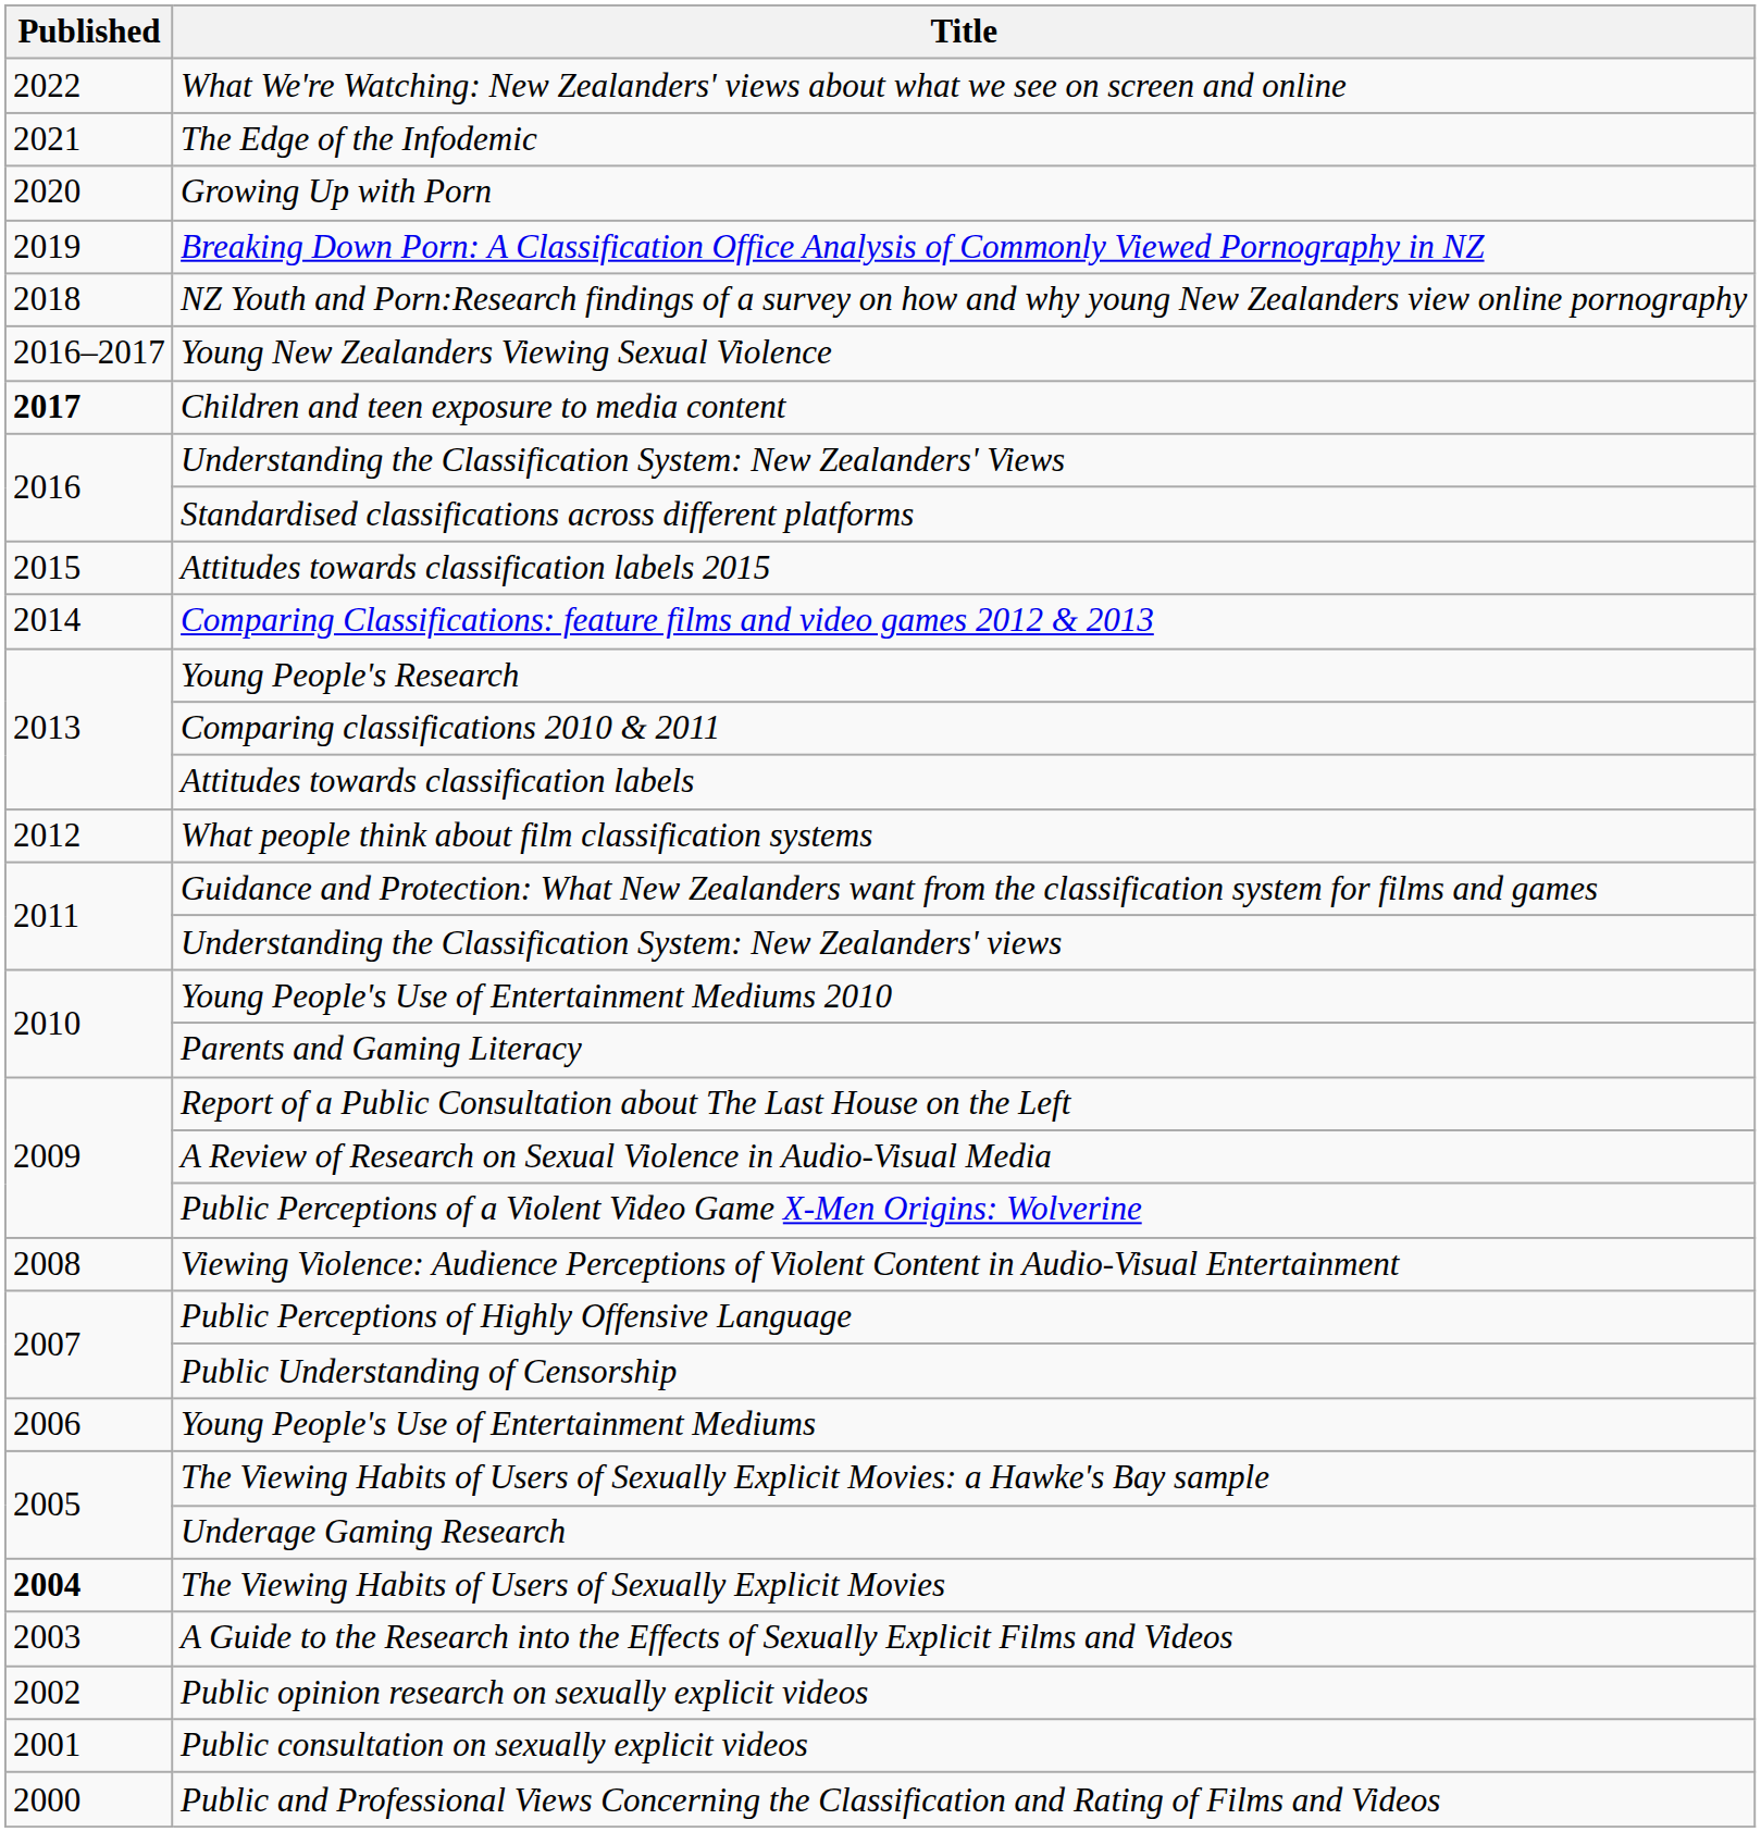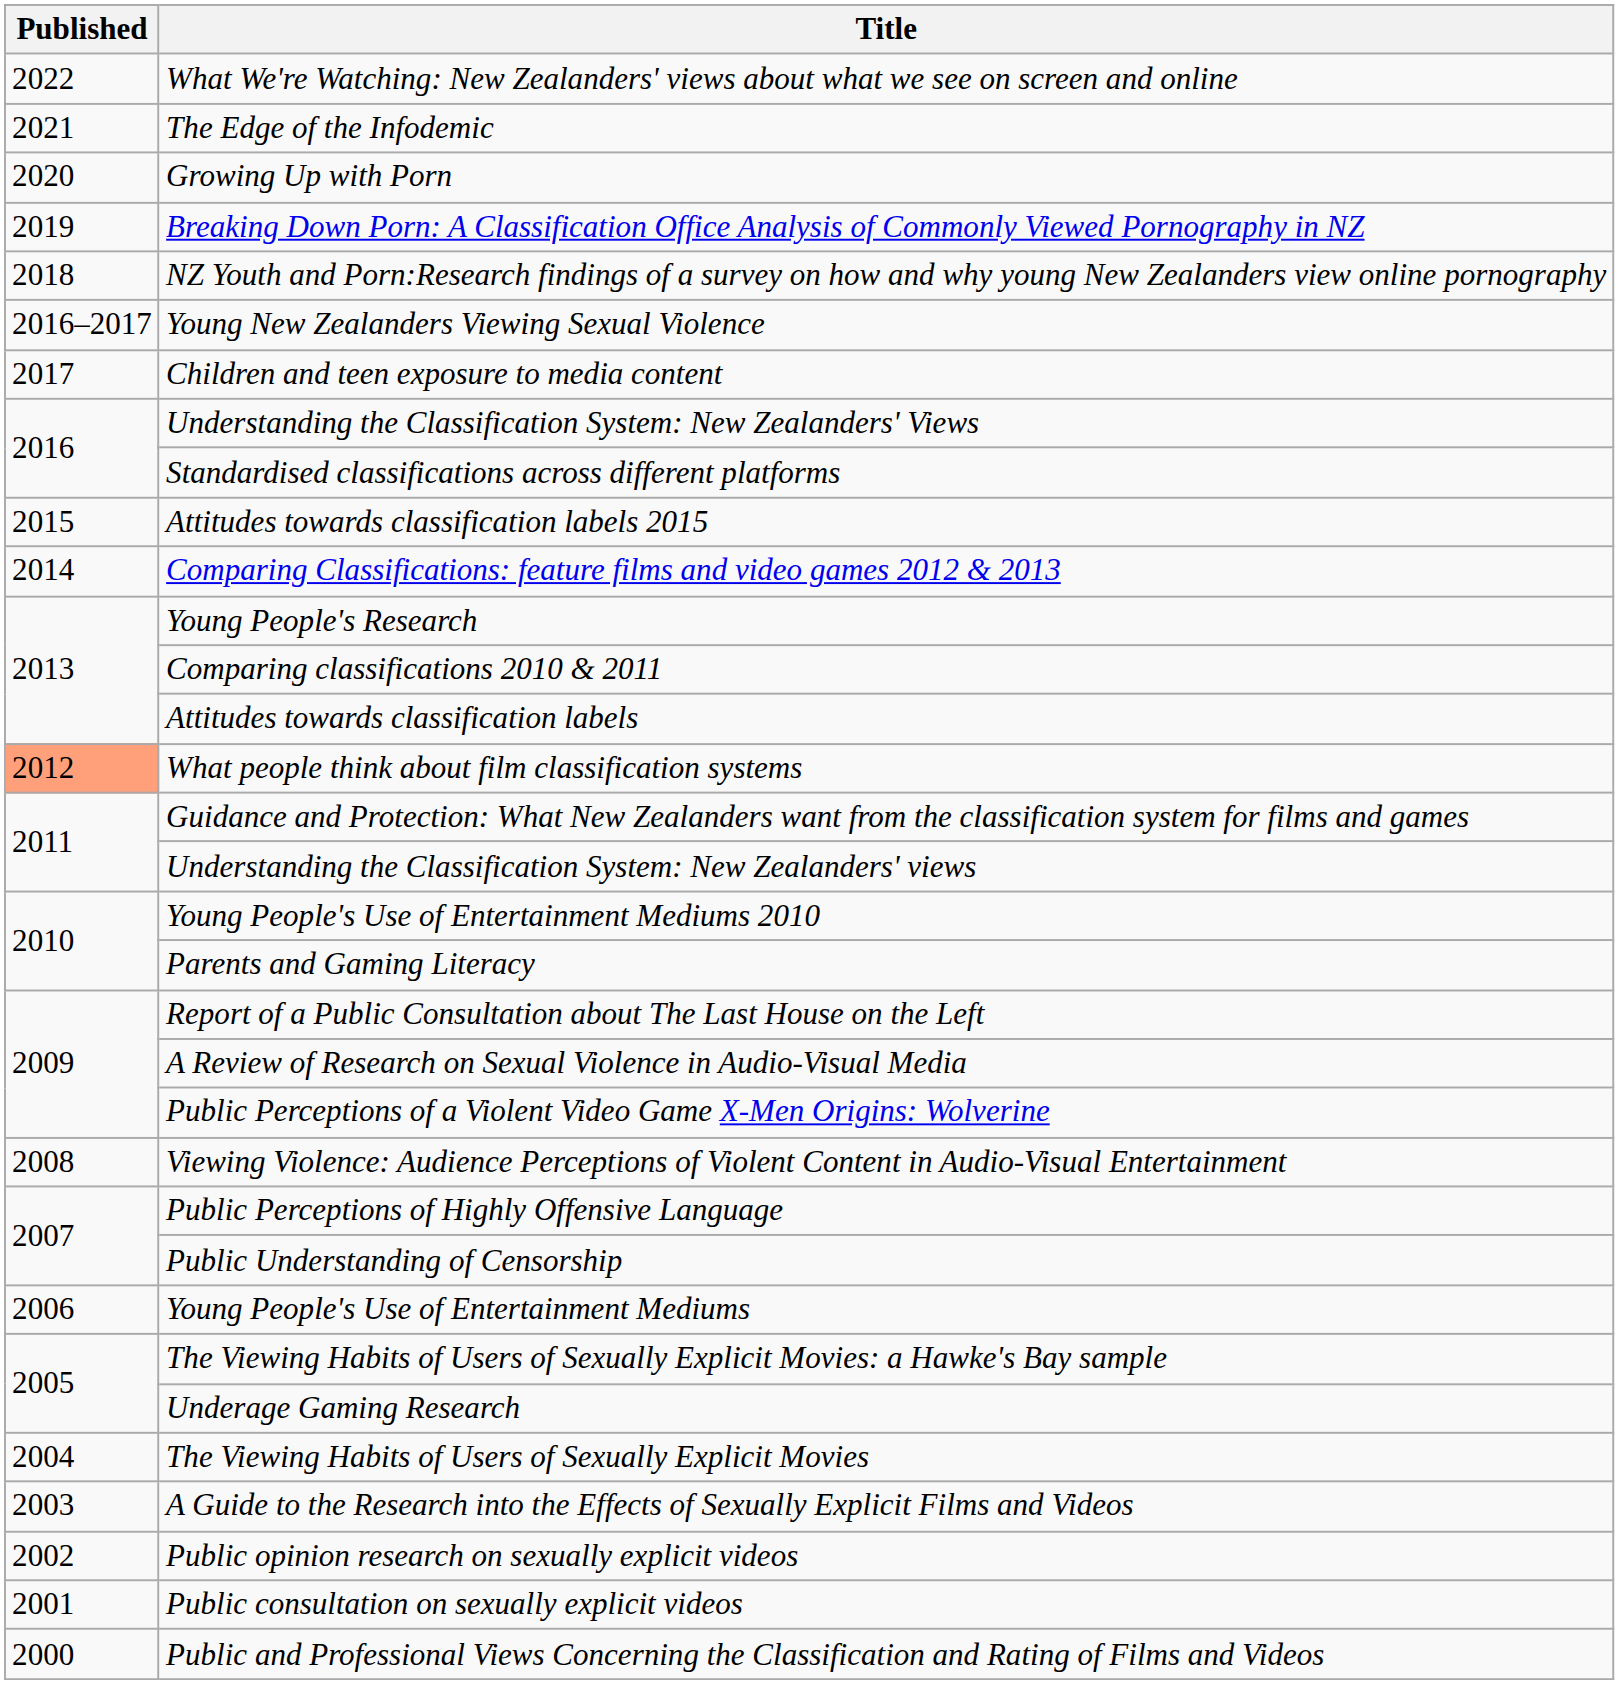 <table class="wikitable">
 <tr>
 <th>Published</th>
 <th>Title</th>
 </tr>
 <tr>
 <td>2022</td>
 <td><em>What We're Watching: New Zealanders' views about what we see on screen and online</em></td>
 </tr>
 <tr>
 <td>2021</td>
 <td><em>The Edge of the Infodemic</em></td>
 </tr>
 <tr>
 <td>2020</td>
 <td><em>Growing Up with Porn</em></td>
 </tr>
 <tr>
 <td>2019</td>
 <td><em><a href='#'>Breaking Down Porn: A Classification Office Analysis of Commonly Viewed Pornography in NZ</a></em></td>
 </tr>
 <tr>
 <td>2018</td>
 <td><em>NZ Youth and Porn:Research findings of a survey on how and why young New Zealanders view online pornography</em></td>
 </tr>
 <tr>
 <td>2016–2017</td>
 <td><em>Young New Zealanders Viewing Sexual Violence</em></td>
 </tr>
 <tr>
-<td><strong>2017</strong></td>
+<td>2017</td>
 <td><em>Children and teen exposure to media content</em></td>
 </tr>
 <tr>
 <td rowspan="2">2016</td>
 <td><em>Understanding the Classification System: New Zealanders' Views</em></td>
 </tr>
 <tr>
 <td><em>Standardised classifications across different platforms</em></td>
 </tr>
 <tr>
 <td>2015</td>
 <td><em>Attitudes towards classification labels 2015</em></td>
 </tr>
 <tr>
 <td>2014</td>
 <td><em><a href='#'>Comparing Classifications: feature films and video games 2012 & 2013</a></em></td>
 </tr>
 <tr>
 <td rowspan="3">2013</td>
 <td><em>Young People's Research</em></td>
 </tr>
 <tr>
 <td><em>Comparing classifications 2010 & 2011</em></td>
 </tr>
 <tr>
 <td><em>Attitudes towards classification labels</em></td>
 </tr>
 <tr>
-<td>2012</td>
+<td style="background: lightsalmon;">2012</td>
 <td><em>What people think about film classification systems</em></td>
 </tr>
 <tr>
 <td rowspan="2">2011</td>
 <td><em>Guidance and Protection: What New Zealanders want from the classification system for films and games</em></td>
 </tr>
 <tr>
 <td><em>Understanding the Classification System: New Zealanders' views</em></td>
 </tr>
 <tr>
 <td rowspan="2">2010</td>
 <td><em>Young People's Use of Entertainment Mediums 2010</em></td>
 </tr>
 <tr>
 <td><em>Parents and Gaming Literacy</em></td>
 </tr>
 <tr>
 <td rowspan="3">2009</td>
 <td><em>Report of a Public Consultation about The Last House on the Left</em></td>
 </tr>
 <tr>
 <td><em>A Review of Research on Sexual Violence in Audio-Visual Media</em></td>
 </tr>
 <tr>
 <td><em>Public Perceptions of a Violent Video Game <a href='#'>X-Men Origins: Wolverine</a></em></td>
 </tr>
 <tr>
 <td>2008</td>
 <td><em>Viewing Violence: Audience Perceptions of Violent Content in Audio-Visual Entertainment</em></td>
 </tr>
 <tr>
 <td rowspan="2">2007</td>
 <td><em>Public Perceptions of Highly Offensive Language</em></td>
 </tr>
 <tr>
 <td><em>Public Understanding of Censorship</em></td>
 </tr>
 <tr>
 <td>2006</td>
 <td><em>Young People's Use of Entertainment Mediums</em></td>
 </tr>
 <tr>
 <td rowspan="2">2005</td>
 <td><em>The Viewing Habits of Users of Sexually Explicit Movies: a Hawke's Bay sample</em></td>
 </tr>
 <tr>
 <td><em>Underage Gaming Research</em></td>
 </tr>
 <tr>
-<td><strong>2004</strong></td>
+<td>2004</td>
 <td><em>The Viewing Habits of Users of Sexually Explicit Movies</em></td>
 </tr>
 <tr>
 <td>2003</td>
 <td><em>A Guide to the Research into the Effects of Sexually Explicit Films and Videos</em></td>
 </tr>
 <tr>
 <td>2002</td>
 <td><em>Public opinion research on sexually explicit videos</em></td>
 </tr>
 <tr>
 <td>2001</td>
 <td><em>Public consultation on sexually explicit videos</em></td>
 </tr>
 <tr>
 <td>2000</td>
 <td><em>Public and Professional Views Concerning the Classification and Rating of Films and Videos</em></td>
 </tr>
 </table>
